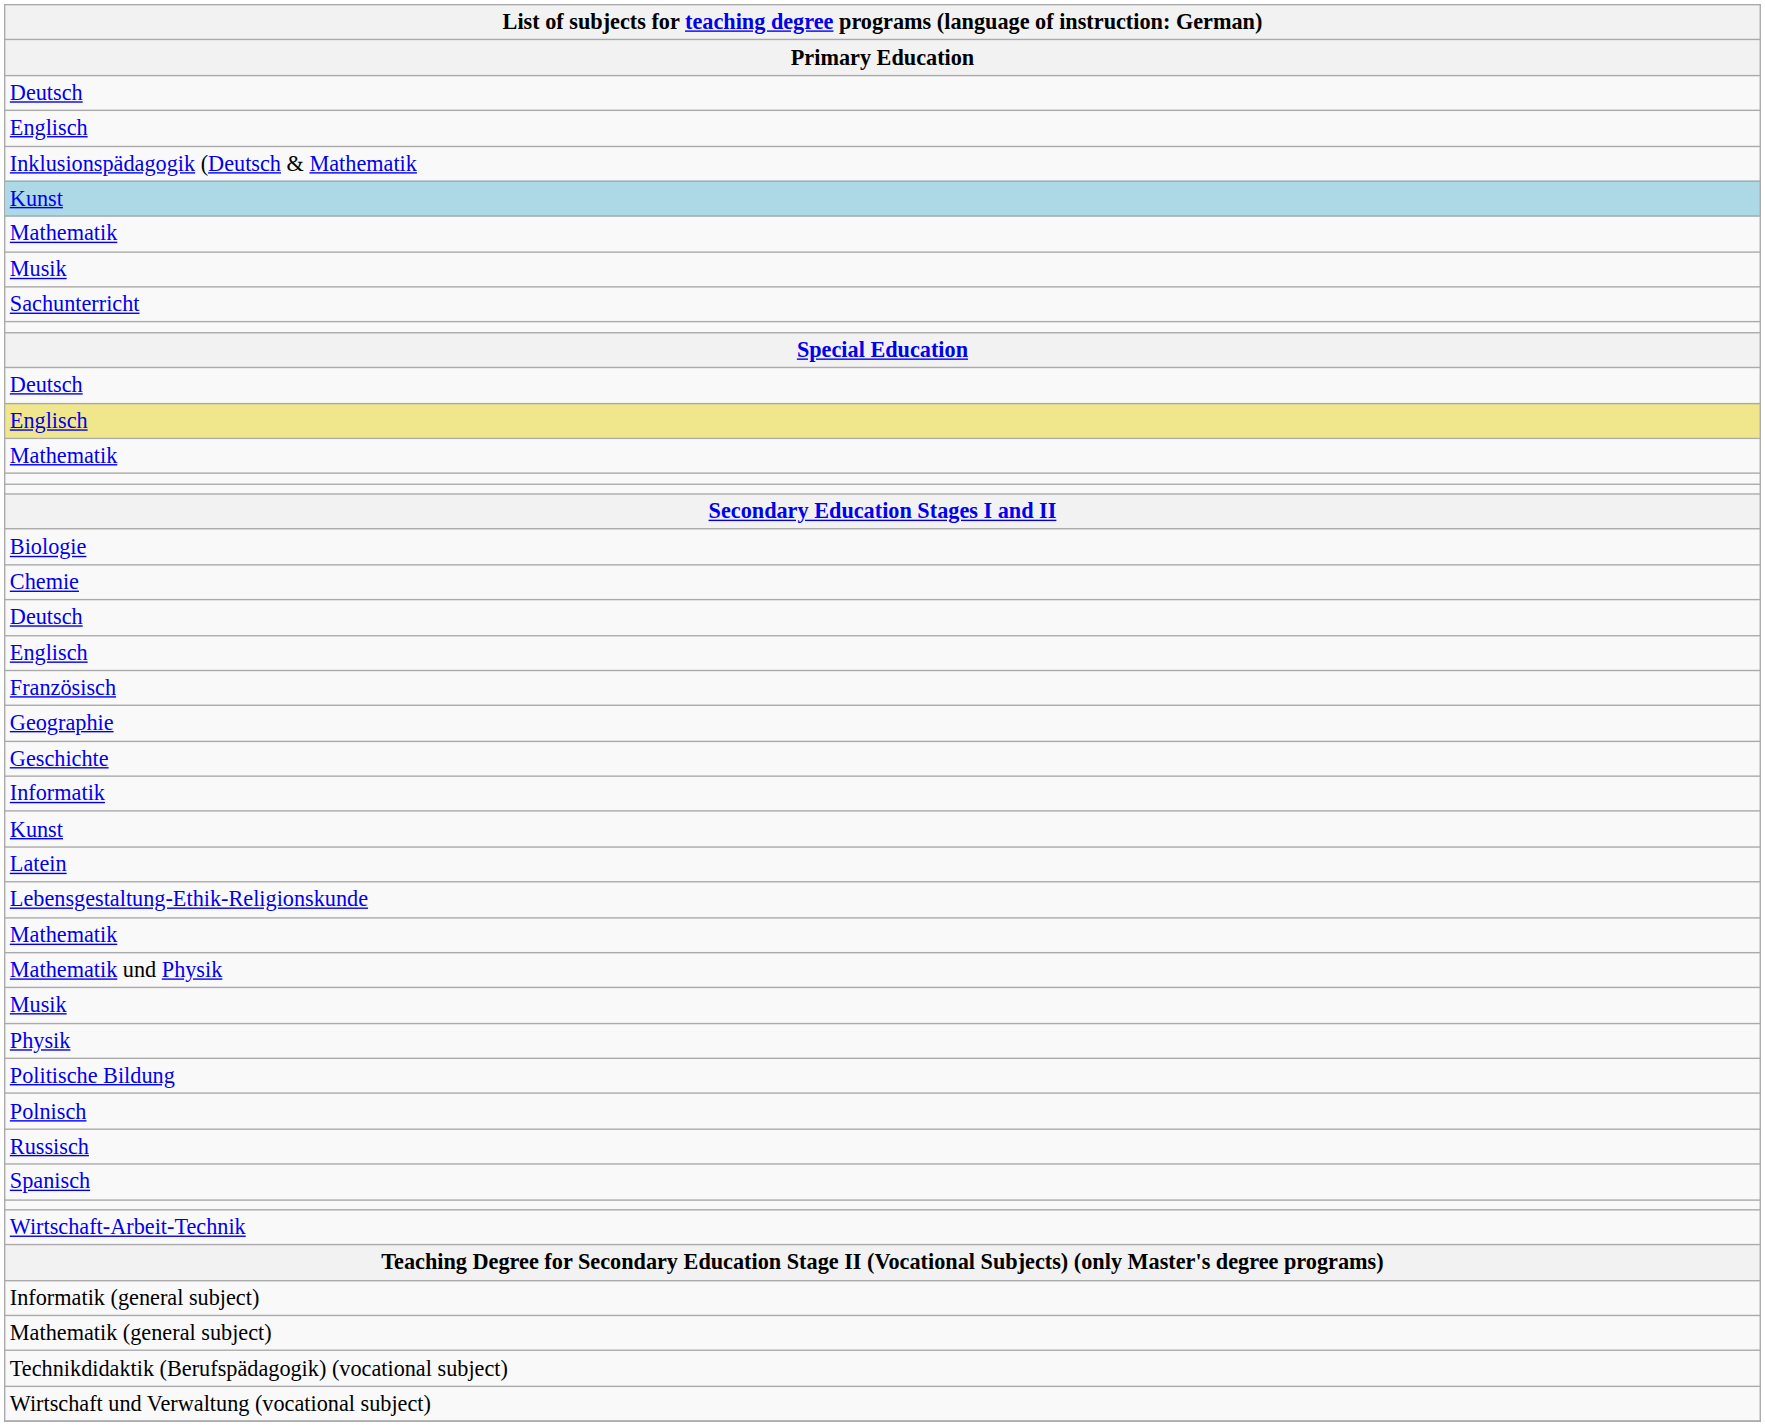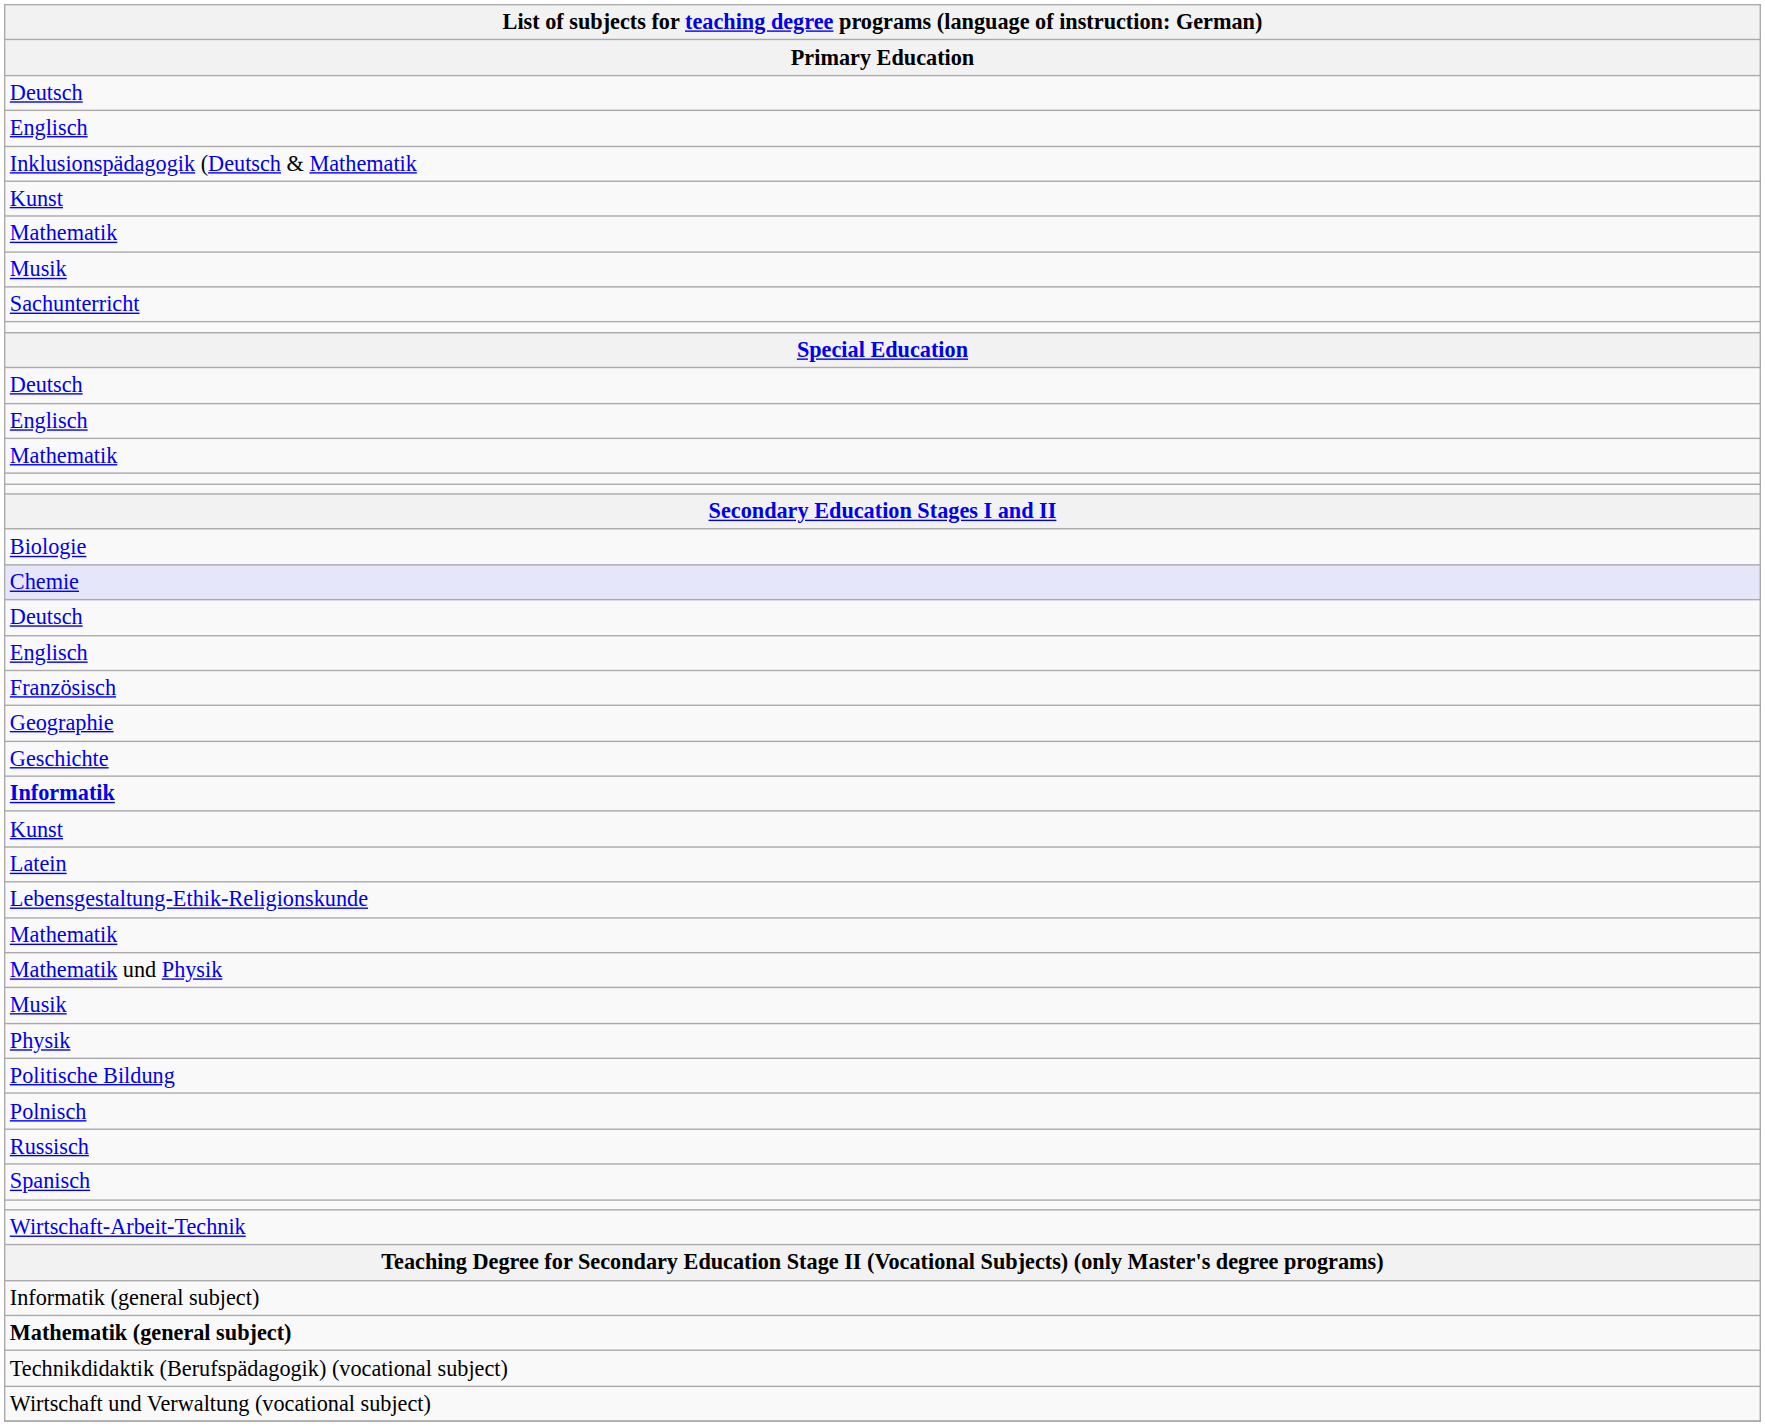 <table class="wikitable  mw-collapsible mw-collapsed" width="100%">
 <tr>
 <th>List of subjects for <a href='#'>teaching degree</a> programs (language of instruction: German)</th>
 </tr>
 <tr>
 <th>Primary Education</th>
 </tr>
 <tr>
 <td><a href='#'>Deutsch</a></td>
 </tr>
 <tr>
 <td><a href='#'>Englisch</a></td>
 </tr>
 <tr>
 <td><a href='#'>Inklusionspädagogik</a> (<a href='#'>Deutsch</a> & <a href='#'>Mathematik</a></td>
 </tr>
 <tr>
-<td style="background: lightblue;"><a href='#'>Kunst</a></td>
+<td><a href='#'>Kunst</a></td>
 </tr>
 <tr>
 <td><a href='#'>Mathematik</a></td>
 </tr>
 <tr>
 <td><a href='#'>Musik</a></td>
 </tr>
 <tr>
 <td><a href='#'>Sachunterricht</a></td>
 </tr>
 <tr>
 <td></td>
 </tr>
 <tr>
 <th><a href='#'>Special Education</a></th>
 </tr>
 <tr>
 <td><a href='#'>Deutsch</a></td>
 </tr>
 <tr>
-<td style="background: khaki;"><a href='#'>Englisch</a></td>
+<td><a href='#'>Englisch</a></td>
 </tr>
 <tr>
 <td><a href='#'>Mathematik</a></td>
 </tr>
 <tr>
 <td></td>
 </tr>
 <tr>
 <td></td>
 </tr>
 <tr>
 <th><strong><a href='#'>Secondary Education Stages I and II</a></strong></th>
 </tr>
 <tr>
 <td><a href='#'>Biologie</a></td>
 </tr>
 <tr>
-<td><a href='#'>Chemie</a></td>
+<td style="background: lavender;"><a href='#'>Chemie</a></td>
 </tr>
 <tr>
 <td><a href='#'>Deutsch</a></td>
 </tr>
 <tr>
 <td><a href='#'>Englisch</a></td>
 </tr>
 <tr>
 <td><a href='#'>Französisch</a></td>
 </tr>
 <tr>
 <td><a href='#'>Geographie</a></td>
 </tr>
 <tr>
 <td><a href='#'>Geschichte</a></td>
 </tr>
 <tr>
-<td><a href='#'>Informatik</a></td>
+<td><strong><a href='#'>Informatik</a></strong></td>
 </tr>
 <tr>
 <td><a href='#'>Kunst</a></td>
 </tr>
 <tr>
 <td><a href='#'>Latein</a></td>
 </tr>
 <tr>
 <td><a href='#'>Lebensgestaltung-Ethik-Religionskunde</a></td>
 </tr>
 <tr>
 <td><a href='#'>Mathematik</a></td>
 </tr>
 <tr>
 <td><a href='#'>Mathematik</a> und <a href='#'>Physik</a></td>
 </tr>
 <tr>
 <td><a href='#'>Musik</a></td>
 </tr>
 <tr>
 <td><a href='#'>Physik</a></td>
 </tr>
 <tr>
 <td><a href='#'>Politische Bildung</a></td>
 </tr>
 <tr>
 <td><a href='#'>Polnisch</a></td>
 </tr>
 <tr>
 <td><a href='#'>Russisch</a></td>
 </tr>
 <tr>
 <td><a href='#'>Spanisch</a></td>
 </tr>
 <tr>
 <td></td>
 </tr>
 <tr>
 <td><a href='#'>Wirtschaft-Arbeit-Technik</a></td>
 </tr>
 <tr>
 <th><strong>Teaching Degree for Secondary Education Stage II (Vocational Subjects) (only Master's degree programs)</strong></th>
 </tr>
 <tr>
 <td>Informatik (general subject)</td>
 </tr>
 <tr>
-<td>Mathematik (general subject)</td>
+<td><strong>Mathematik (general subject)</strong></td>
 </tr>
 <tr>
 <td>Technikdidaktik (Berufspädagogik) (vocational subject)</td>
 </tr>
 <tr>
 <td>Wirtschaft und Verwaltung (vocational subject)</td>
 </tr>
 <tr>
 </tr>
 </table>
